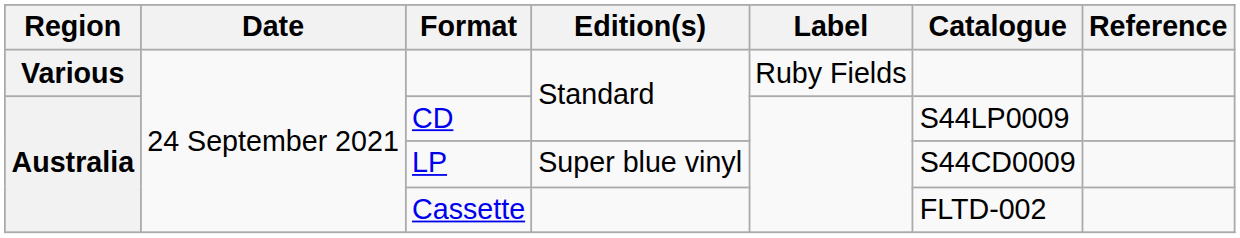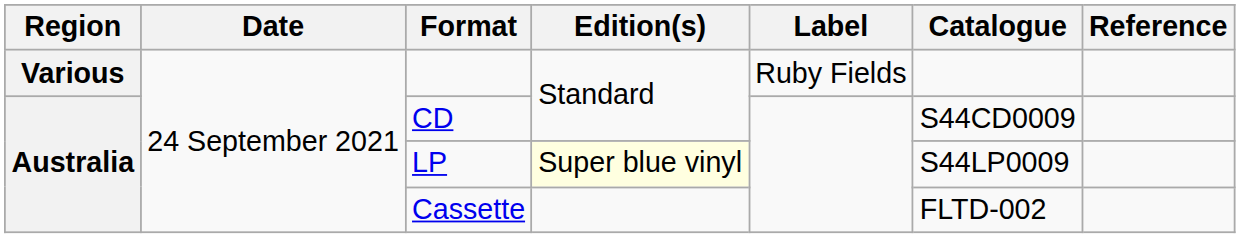 <table class="wikitable plainrowheaders">
 <tr>
 <th scope="col">Region</th>
 <th scope="col">Date</th>
 <th scope="col">Format</th>
 <th scope="col">Edition(s)</th>
 <th scope="col">Label</th>
 <th scope="col">Catalogue</th>
 <th scope="col">Reference</th>
 </tr>
 <tr>
 <th scope="row">Various</th>
 <td rowspan="4">24 September 2021</td>
 <td></td>
 <td rowspan="2">Standard</td>
 <td>Ruby Fields</td>
 <td></td>
 <td></td>
 </tr>
 <tr>
 <th rowspan="3" scope="row">Australia</th>
 <td><a href='#'>CD</a></td>
 <td rowspan="3"></td>
-<td>S44LP0009</td>
+<td>S44CD0009</td>
 <td></td>
 </tr>
 <tr>
 <td><a href='#'>LP</a></td>
-<td>Super blue vinyl</td>
-<td>S44CD0009</td>
+<td style="background: lightyellow;">Super blue vinyl</td>
+<td>S44LP0009</td>
 <td></td>
 </tr>
 <tr>
 <td><a href='#'>Cassette</a></td>
 <td></td>
 <td>FLTD-002</td>
 <td></td>
 </tr>
 </table>
